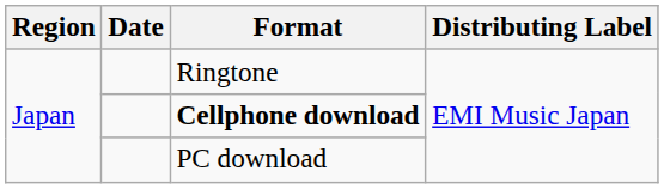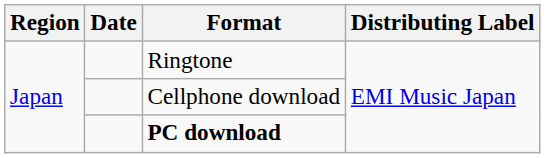 <table class="wikitable">
 <tr>
 <th>Region</th>
 <th>Date</th>
 <th>Format</th>
 <th>Distributing Label</th>
 </tr>
 <tr>
 <td rowspan=3><a href='#'>Japan</a></td>
 <td></td>
 <td>Ringtone</td>
 <td rowspan=3><a href='#'>EMI Music Japan</a></td>
 </tr>
 <tr>
 <td></td>
-<td><strong>Cellphone download</strong></td>
+<td>Cellphone download</td>
 </tr>
 <tr>
 <td></td>
-<td>PC download</td>
+<td><strong>PC download</strong></td>
 </tr>
 </table>
